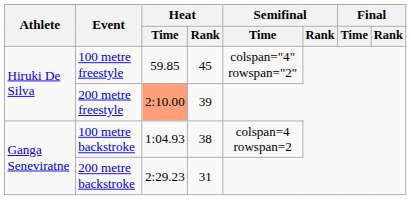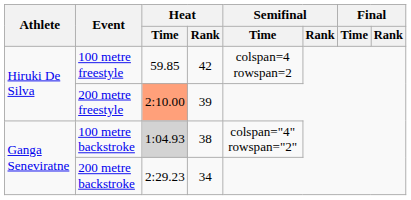 <table class="wikitable" style="text-align:center; font-size:90%; width:50%;">
 <tr>
 <th rowspan="2">Athlete</th>
 <th rowspan="2">Event</th>
 <th colspan="2">Heat</th>
 <th colspan="2">Semifinal</th>
 <th colspan="2">Final</th>
 </tr>
 <tr style="font-size:95%">
 <th>Time</th>
 <th>Rank</th>
 <th>Time</th>
 <th>Rank</th>
 <th>Time</th>
 <th>Rank</th>
 </tr>
 <tr align=center>
 <td align=left rowspan="2"><a href='#'>Hiruki De Silva</a></td>
 <td align=left><a href='#'>100 metre freestyle</a></td>
 <td>59.85</td>
-<td>45</td>
-<td>colspan="4" rowspan="2" </td>
+<td>42</td>
+<td>colspan=4 rowspan=2 </td>
 </tr>
 <tr align=center>
 <td align=left><a href='#'>200 metre freestyle</a></td>
 <td style="background: lightsalmon;">2:10.00</td>
 <td>39</td>
 </tr>
 <tr align=center>
 <td align=left rowspan="2"><a href='#'>Ganga Seneviratne</a></td>
 <td align=left><a href='#'>100 metre backstroke</a></td>
-<td>1:04.93</td>
+<td style="background: lightgrey;">1:04.93</td>
 <td>38</td>
-<td>colspan=4 rowspan=2 </td>
+<td>colspan="4" rowspan="2" </td>
 </tr>
 <tr align=center>
 <td align=left><a href='#'>200 metre backstroke</a></td>
 <td>2:29.23</td>
-<td>31</td>
+<td>34</td>
 </tr>
 </table>
